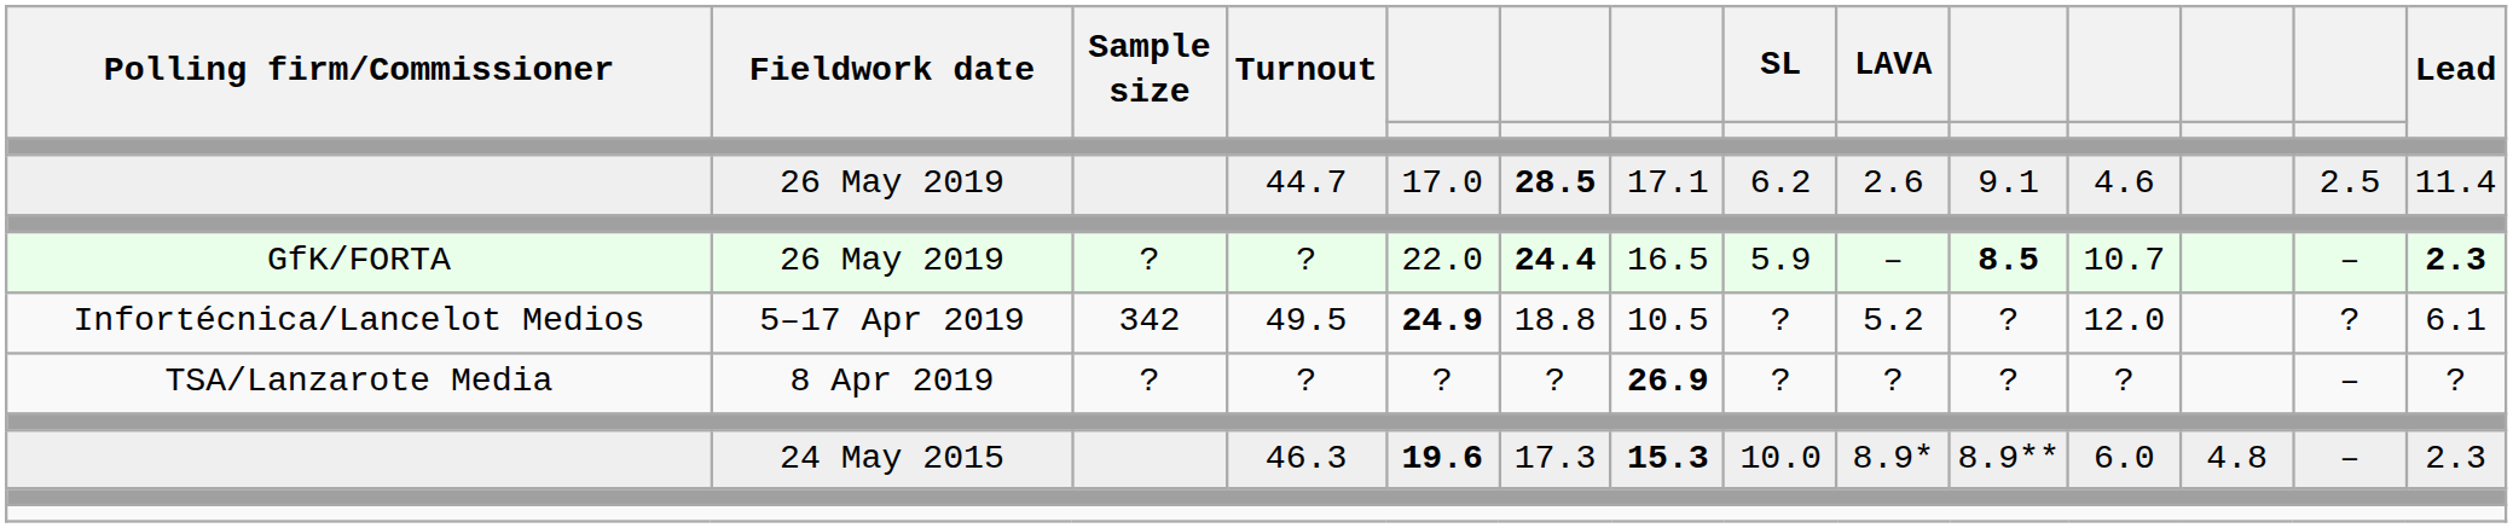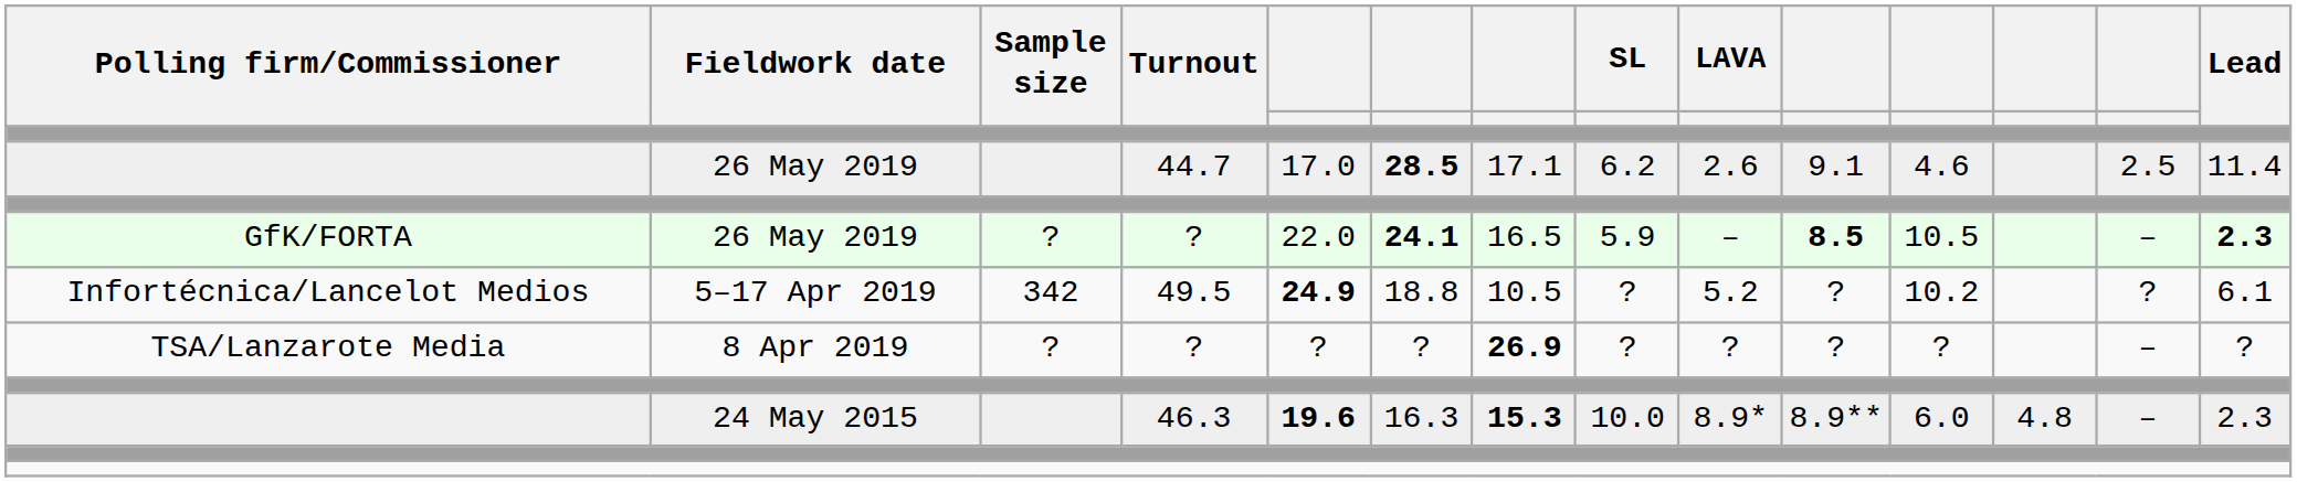 <table class="wikitable collapsible collapsed" style="text-align:center; font-size:95%; line-height:16px;">
 <tr style="height:42px;">
 <th style="width:250px;" rowspan="2">Polling firm/Commissioner</th>
 <th style="width:125px;" rowspan="2">Fieldwork date</th>
 <th style="width:50px;" rowspan="2">Sample size</th>
 <th style="width:45px;" rowspan="2">Turnout</th>
 <th style="width:35px;"></th>
 <th style="width:35px;"></th>
 <th style="width:35px;"></th>
 <th style="width:35px;">SL</th>
 <th style="width:35px; font-size:95%;">LAVA</th>
 <th style="width:35px;"></th>
 <th style="width:35px;"></th>
 <th style="width:35px;"></th>
 <th style="width:35px;"></th>
 <th style="width:30px;" rowspan="2">Lead</th>
 </tr>
 <tr>
 <th style="color:inherit;background:"></th>
 <th style="color:inherit;background:"></th>
 <th style="color:inherit;background:"></th>
 <th style="color:inherit;background:"></th>
 <th style="color:inherit;background:"></th>
 <th style="color:inherit;background:"></th>
 <th style="color:inherit;background:"></th>
 <th style="color:inherit;background:"></th>
 <th style="color:inherit;background:"></th>
 </tr>
 <tr>
 <td colspan="14" style="background:#A0A0A0"></td>
 </tr>
 <tr style="background:#EFEFEF;">
 <td><strong></strong></td>
 <td>26 May 2019</td>
 <td></td>
 <td>44.7</td>
 <td>17.0<br></td>
 <td><strong>28.5</strong><br></td>
 <td>17.1<br></td>
 <td>6.2<br></td>
 <td>2.6<br></td>
 <td>9.1<br></td>
 <td>4.6<br></td>
 <td></td>
 <td>2.5<br></td>
 <td style="background:">11.4</td>
 </tr>
 <tr>
 <td colspan="14" style="background:#A0A0A0"></td>
 </tr>
 <tr style="background:#EAFFEA;">
 <td>GfK/FORTA</td>
 <td>26 May 2019</td>
 <td>?</td>
 <td>?</td>
 <td>22.0<br></td>
-<td><strong>24.4</strong><br></td>
+<td><strong>24.1</strong><br></td>
 <td>16.5<br></td>
 <td>5.9<br></td>
 <td>–</td>
 <td><strong>8.5<br></strong></td>
-<td>10.7<br></td>
+<td>10.5<br></td>
 <td></td>
 <td>–</td>
 <td style="background:"><strong>2.3</strong></td>
 </tr>
 <tr>
 <td>Infortécnica/Lancelot Medios</td>
 <td>5–17 Apr 2019</td>
 <td>342</td>
 <td>49.5</td>
 <td><strong>24.9</strong><br></td>
 <td>18.8<br></td>
 <td>10.5<br></td>
 <td>?<br></td>
 <td>5.2<br></td>
 <td>?<br></td>
-<td>12.0<br></td>
+<td>10.2<br></td>
 <td></td>
 <td>?<br></td>
 <td style="background:">6.1</td>
 </tr>
 <tr>
 <td>TSA/Lanzarote Media</td>
 <td>8 Apr 2019</td>
 <td>?</td>
 <td>?</td>
 <td>?<br></td>
 <td>?<br></td>
 <td><strong>26.9</strong><br></td>
 <td>?<br></td>
 <td>?<br></td>
 <td>?<br></td>
 <td>?<br></td>
 <td></td>
 <td>–</td>
 <td style="background:">?</td>
 </tr>
 <tr>
 <td colspan="14" style="background:#A0A0A0"></td>
 </tr>
 <tr style="background:#EFEFEF;">
 <td><strong></strong></td>
 <td>24 May 2015</td>
 <td></td>
 <td>46.3</td>
 <td><strong>19.6</strong><br></td>
-<td>17.3<br></td>
+<td>16.3<br></td>
 <td><strong>15.3<br></strong></td>
 <td>10.0<br></td>
 <td>8.9*<br></td>
 <td>8.9**<br></td>
 <td>6.0<br></td>
 <td>4.8<br></td>
 <td>–</td>
 <td style="background:">2.3</td>
 </tr>
 <tr>
 <td colspan="14" style="background:#A0A0A0"></td>
 </tr>
 <tr>
 <td align="left" colspan="14"></td>
 </tr>
 </table>
